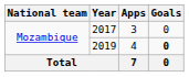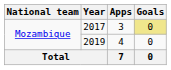 <table class="wikitable" style="text-align:center">
 <tr>
 <th>National team</th>
 <th>Year</th>
 <th>Apps</th>
 <th>Goals</th>
 </tr>
 <tr>
 <td rowspan="2"><a href='#'>Mozambique</a></td>
 <td>2017</td>
 <td>3</td>
-<td>0</td>
+<td style="background: khaki;">0</td>
 </tr>
 <tr>
 <td>2019</td>
 <td>4</td>
-<td><strong>0</strong></td>
+<td>0</td>
 </tr>
 <tr>
 <th colspan=2>Total</th>
 <th>7</th>
 <th>0</th>
 </tr>
 </table>
